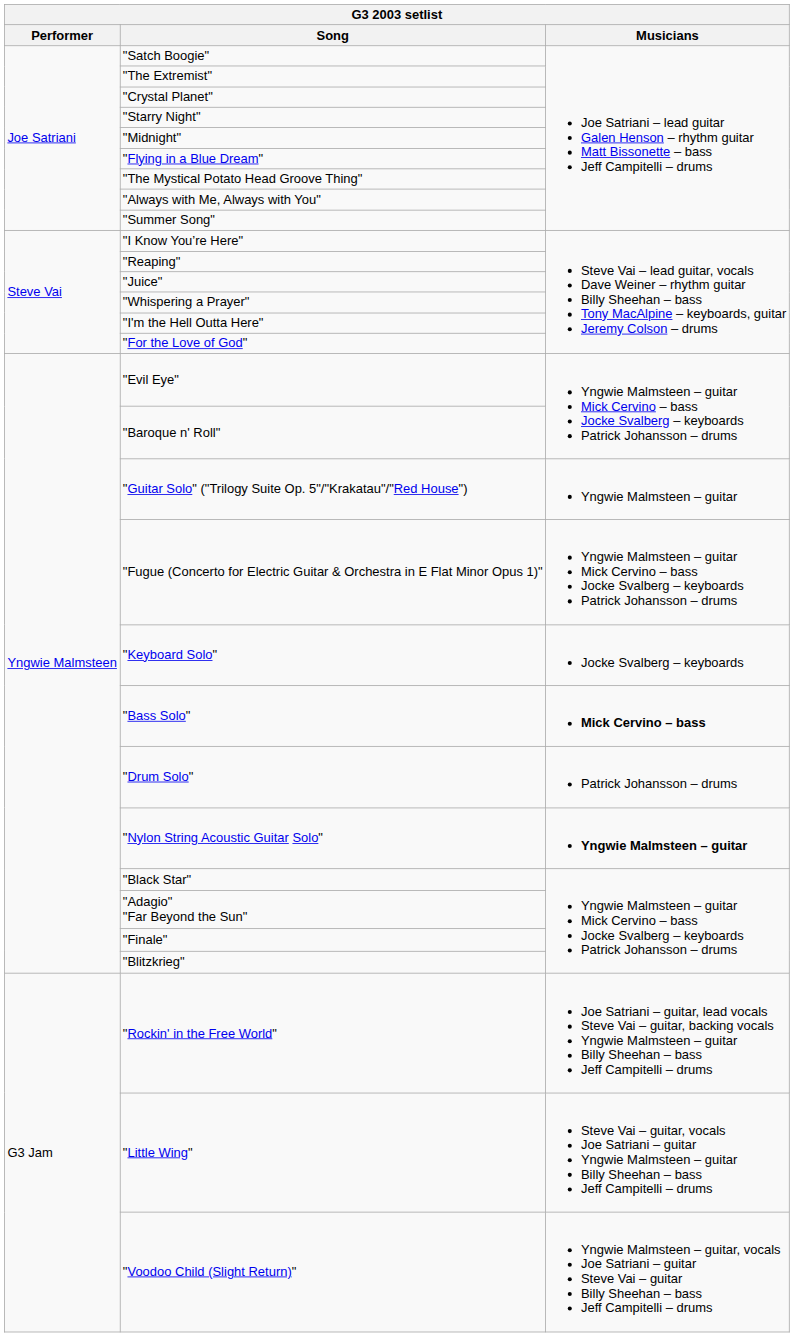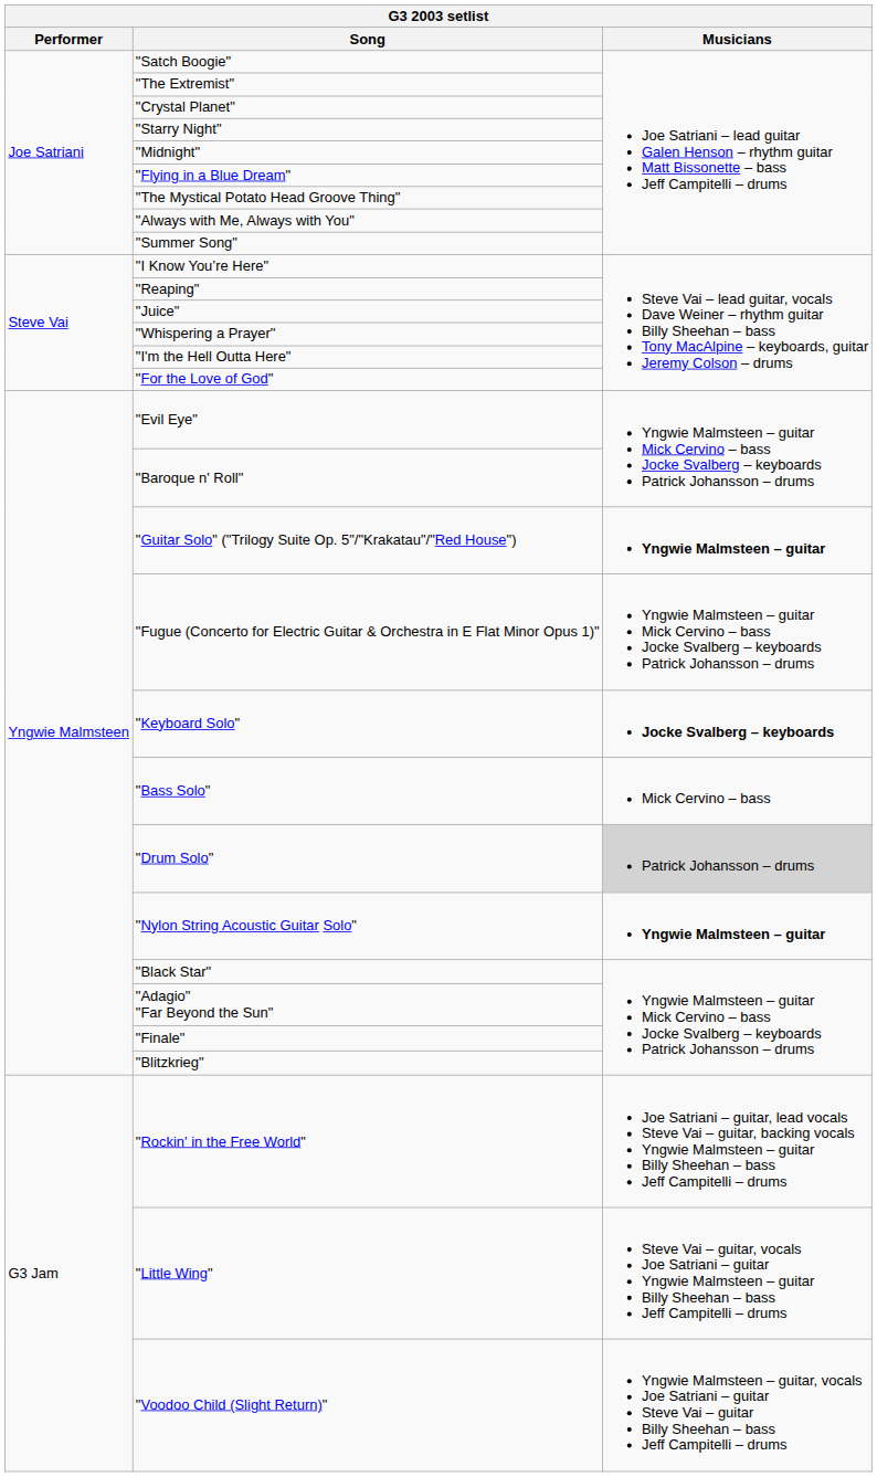 <table class="wikitable collapsible collapsed">
 <tr>
 <th colspan="3">G3 2003 setlist</th>
 </tr>
 <tr>
 <th>Performer</th>
 <th>Song</th>
 <th>Musicians</th>
 </tr>
 <tr>
 <td rowspan=9><a href='#'>Joe Satriani</a></td>
 <td>"Satch Boogie"</td>
 <td rowspan=9><br><ul><li>Joe Satriani – lead guitar</li><li><a href='#'>Galen Henson</a> – rhythm guitar</li><li><a href='#'>Matt Bissonette</a> – bass</li><li>Jeff Campitelli – drums</li></ul></td>
 </tr>
 <tr>
 <td>"The Extremist"</td>
 </tr>
 <tr>
 <td>"Crystal Planet"</td>
 </tr>
 <tr>
 <td>"Starry Night"</td>
 </tr>
 <tr>
 <td>"Midnight"</td>
 </tr>
 <tr>
 <td>"<a href='#'>Flying in a Blue Dream</a>"</td>
 </tr>
 <tr>
 <td>"The Mystical Potato Head Groove Thing"</td>
 </tr>
 <tr>
 <td>"Always with Me, Always with You"</td>
 </tr>
 <tr>
 <td>"Summer Song"</td>
 </tr>
 <tr>
 <td rowspan=6><a href='#'>Steve Vai</a></td>
 <td>"I Know You’re Here"</td>
 <td rowspan=6><br><ul><li>Steve Vai – lead guitar, vocals</li><li>Dave Weiner – rhythm guitar</li><li>Billy Sheehan – bass</li><li><a href='#'>Tony MacAlpine</a> – keyboards, guitar</li><li><a href='#'>Jeremy Colson</a> – drums</li></ul></td>
 </tr>
 <tr>
 <td>"Reaping"</td>
 </tr>
 <tr>
 <td>"Juice"</td>
 </tr>
 <tr>
 <td>"Whispering a Prayer"</td>
 </tr>
 <tr>
 <td>"I'm the Hell Outta Here"</td>
 </tr>
 <tr>
 <td>"<a href='#'>For the Love of God</a>"</td>
 </tr>
 <tr>
 <td rowspan=12><a href='#'>Yngwie Malmsteen</a></td>
 <td>"Evil Eye"</td>
 <td rowspan=2><br><ul><li>Yngwie Malmsteen – guitar</li><li><a href='#'>Mick Cervino</a> – bass</li><li><a href='#'>Jocke Svalberg</a> – keyboards</li><li>Patrick Johansson – drums</li></ul></td>
 </tr>
 <tr>
 <td>"Baroque n' Roll"</td>
 </tr>
 <tr>
 <td>"<a href='#'>Guitar Solo</a>" ("Trilogy Suite Op. 5"/"Krakatau"/"<a href='#'>Red House</a>")</td>
-<td><br><ul><li>Yngwie Malmsteen – guitar</li></ul></td>
+<td><strong><br><ul><li>Yngwie Malmsteen – guitar</li></ul></strong></td>
 </tr>
 <tr>
 <td>"Fugue (Concerto for Electric Guitar & Orchestra in E Flat Minor Opus 1)"</td>
 <td><br><ul><li>Yngwie Malmsteen – guitar</li><li>Mick Cervino – bass</li><li>Jocke Svalberg – keyboards</li><li>Patrick Johansson – drums</li></ul></td>
 </tr>
 <tr>
 <td>"<a href='#'>Keyboard Solo</a>"</td>
-<td><br><ul><li>Jocke Svalberg – keyboards</li></ul></td>
+<td><strong><br><ul><li>Jocke Svalberg – keyboards</li></ul></strong></td>
 </tr>
 <tr>
 <td>"<a href='#'>Bass Solo</a>"</td>
-<td><strong><br><ul><li>Mick Cervino – bass</li></ul></strong></td>
+<td><br><ul><li>Mick Cervino – bass</li></ul></td>
 </tr>
 <tr>
 <td>"<a href='#'>Drum Solo</a>"</td>
-<td><br><ul><li>Patrick Johansson – drums</li></ul></td>
+<td style="background: lightgrey;"><br><ul><li>Patrick Johansson – drums</li></ul></td>
 </tr>
 <tr>
 <td>"<a href='#'>Nylon String Acoustic Guitar</a> <a href='#'>Solo</a>"</td>
 <td><strong><br><ul><li>Yngwie Malmsteen – guitar</li></ul></strong></td>
 </tr>
 <tr>
 <td>"Black Star"</td>
 <td rowspan=4><br><ul><li>Yngwie Malmsteen – guitar</li><li>Mick Cervino – bass</li><li>Jocke Svalberg – keyboards</li><li>Patrick Johansson – drums</li></ul></td>
 </tr>
 <tr>
 <td>"Adagio"<br>"Far Beyond the Sun"</td>
 </tr>
 <tr>
 <td>"Finale"</td>
 </tr>
 <tr>
 <td>"Blitzkrieg"</td>
 </tr>
 <tr>
 <td rowspan=3>G3 Jam</td>
 <td>"<a href='#'>Rockin' in the Free World</a>"</td>
 <td><br><ul><li>Joe Satriani – guitar, lead vocals</li><li>Steve Vai – guitar, backing vocals</li><li>Yngwie Malmsteen – guitar</li><li>Billy Sheehan – bass</li><li>Jeff Campitelli – drums</li></ul></td>
 </tr>
 <tr>
 <td>"<a href='#'>Little Wing</a>"</td>
 <td><br><ul><li>Steve Vai – guitar, vocals</li><li>Joe Satriani – guitar</li><li>Yngwie Malmsteen – guitar</li><li>Billy Sheehan – bass</li><li>Jeff Campitelli – drums</li></ul></td>
 </tr>
 <tr>
 <td>"<a href='#'>Voodoo Child (Slight Return)</a>"</td>
 <td><br><ul><li>Yngwie Malmsteen – guitar, vocals</li><li>Joe Satriani – guitar</li><li>Steve Vai – guitar</li><li>Billy Sheehan – bass</li><li>Jeff Campitelli – drums</li></ul></td>
 </tr>
 </table>
